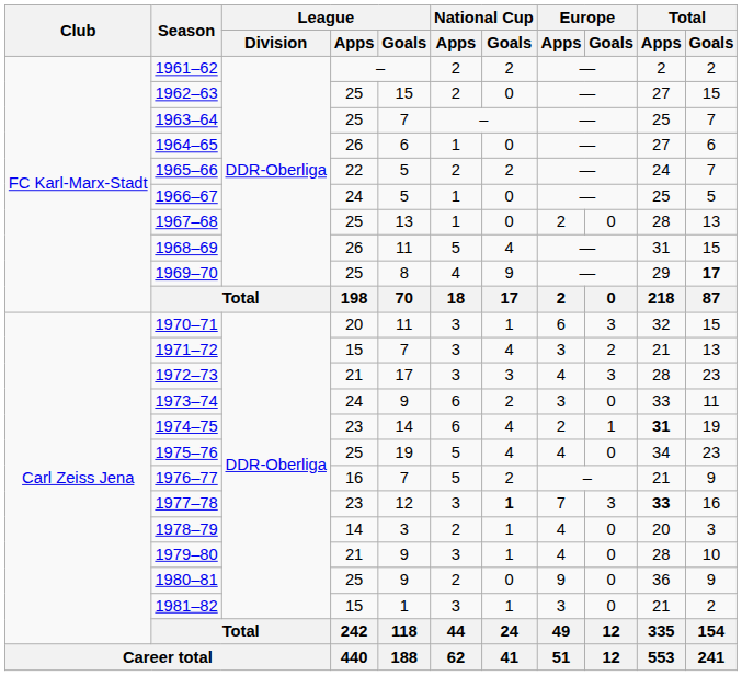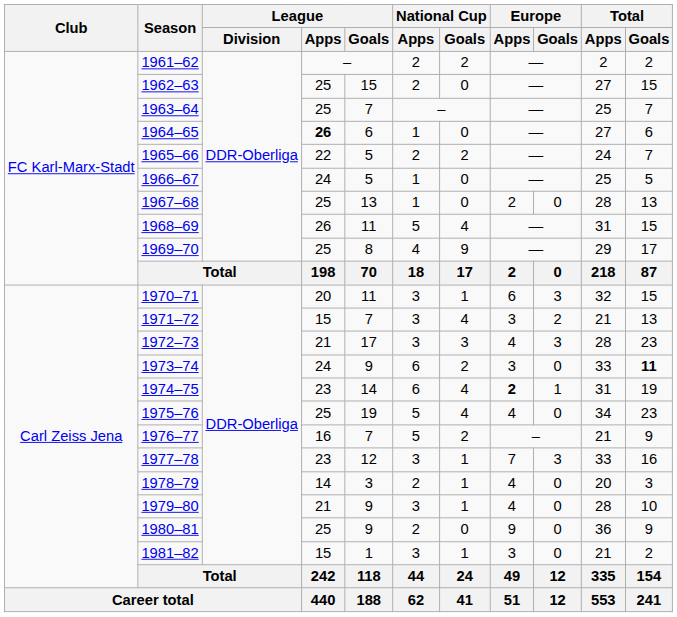 <table class=wikitable style=text-align:center>
 <tr>
 <th rowspan=2>Club</th>
 <th rowspan=2>Season</th>
 <th colspan=3>League</th>
 <th colspan=2>National Cup</th>
 <th colspan=2>Europe</th>
 <th colspan=2>Total</th>
 </tr>
 <tr>
 <th>Division</th>
 <th>Apps</th>
 <th>Goals</th>
 <th>Apps</th>
 <th>Goals</th>
 <th>Apps</th>
 <th>Goals</th>
 <th>Apps</th>
 <th>Goals</th>
 </tr>
 <tr>
 <td rowspan=10><a href='#'>FC Karl-Marx-Stadt</a></td>
 <td><a href='#'>1961–62</a></td>
 <td rowspan=9><a href='#'>DDR-Oberliga</a></td>
 <td colspan="2">–</td>
 <td>2</td>
 <td>2</td>
 <td colspan=2>—</td>
 <td>2</td>
 <td>2</td>
 </tr>
 <tr>
 <td><a href='#'>1962–63</a></td>
 <td>25</td>
 <td>15</td>
 <td>2</td>
 <td>0</td>
 <td colspan=2>—</td>
 <td>27</td>
 <td>15</td>
 </tr>
 <tr>
 <td><a href='#'>1963–64</a></td>
 <td>25</td>
 <td>7</td>
 <td colspan="2">–</td>
 <td colspan=2>—</td>
 <td>25</td>
 <td>7</td>
 </tr>
 <tr>
 <td><a href='#'>1964–65</a></td>
-<td>26</td>
+<td><strong>26</strong></td>
 <td>6</td>
 <td>1</td>
 <td>0</td>
 <td colspan=2>—</td>
 <td>27</td>
 <td>6</td>
 </tr>
 <tr>
 <td><a href='#'>1965–66</a></td>
 <td>22</td>
 <td>5</td>
 <td>2</td>
 <td>2</td>
 <td colspan=2>—</td>
 <td>24</td>
 <td>7</td>
 </tr>
 <tr>
 <td><a href='#'>1966–67</a></td>
 <td>24</td>
 <td>5</td>
 <td>1</td>
 <td>0</td>
 <td colspan=2>—</td>
 <td>25</td>
 <td>5</td>
 </tr>
 <tr>
 <td><a href='#'>1967–68</a></td>
 <td>25</td>
 <td>13</td>
 <td>1</td>
 <td>0</td>
 <td>2</td>
 <td>0</td>
 <td>28</td>
 <td>13</td>
 </tr>
 <tr>
 <td><a href='#'>1968–69</a></td>
 <td>26</td>
 <td>11</td>
 <td>5</td>
 <td>4</td>
 <td colspan=2>—</td>
 <td>31</td>
 <td>15</td>
 </tr>
 <tr>
 <td><a href='#'>1969–70</a></td>
 <td>25</td>
 <td>8</td>
 <td>4</td>
 <td>9</td>
 <td colspan=2>—</td>
 <td>29</td>
-<td><strong>17</strong></td>
+<td>17</td>
 </tr>
 <tr>
 <th colspan=2>Total</th>
 <th>198</th>
 <th>70</th>
 <th>18</th>
 <th>17</th>
 <th>2</th>
 <th>0</th>
 <th>218</th>
 <th>87</th>
 </tr>
 <tr>
 <td rowspan=13><a href='#'>Carl Zeiss Jena</a></td>
 <td><a href='#'>1970–71</a></td>
 <td rowspan=12><a href='#'>DDR-Oberliga</a></td>
 <td>20</td>
 <td>11</td>
 <td>3</td>
 <td>1</td>
 <td>6</td>
 <td>3</td>
 <td>32</td>
 <td>15</td>
 </tr>
 <tr>
 <td><a href='#'>1971–72</a></td>
 <td>15</td>
 <td>7</td>
 <td>3</td>
 <td>4</td>
 <td>3</td>
 <td>2</td>
 <td>21</td>
 <td>13</td>
 </tr>
 <tr>
 <td><a href='#'>1972–73</a></td>
 <td>21</td>
 <td>17</td>
 <td>3</td>
 <td>3</td>
 <td>4</td>
 <td>3</td>
 <td>28</td>
 <td>23</td>
 </tr>
 <tr>
 <td><a href='#'>1973–74</a></td>
 <td>24</td>
 <td>9</td>
 <td>6</td>
 <td>2</td>
 <td>3</td>
 <td>0</td>
 <td>33</td>
-<td>11</td>
+<td><strong>11</strong></td>
 </tr>
 <tr>
 <td><a href='#'>1974–75</a></td>
 <td>23</td>
 <td>14</td>
 <td>6</td>
 <td>4</td>
-<td>2</td>
+<td><strong>2</strong></td>
 <td>1</td>
-<td><strong>31</strong></td>
+<td>31</td>
 <td>19</td>
 </tr>
 <tr>
 <td><a href='#'>1975–76</a></td>
 <td>25</td>
 <td>19</td>
 <td>5</td>
 <td>4</td>
 <td>4</td>
 <td>0</td>
 <td>34</td>
 <td>23</td>
 </tr>
 <tr>
 <td><a href='#'>1976–77</a></td>
 <td>16</td>
 <td>7</td>
 <td>5</td>
 <td>2</td>
 <td colspan="2">–</td>
 <td>21</td>
 <td>9</td>
 </tr>
 <tr>
 <td><a href='#'>1977–78</a></td>
 <td>23</td>
 <td>12</td>
 <td>3</td>
-<td><strong>1</strong></td>
+<td>1</td>
 <td>7</td>
 <td>3</td>
-<td><strong>33</strong></td>
+<td>33</td>
 <td>16</td>
 </tr>
 <tr>
 <td><a href='#'>1978–79</a></td>
 <td>14</td>
 <td>3</td>
 <td>2</td>
 <td>1</td>
 <td>4</td>
 <td>0</td>
 <td>20</td>
 <td>3</td>
 </tr>
 <tr>
 <td><a href='#'>1979–80</a></td>
 <td>21</td>
 <td>9</td>
 <td>3</td>
 <td>1</td>
 <td>4</td>
 <td>0</td>
 <td>28</td>
 <td>10</td>
 </tr>
 <tr>
 <td><a href='#'>1980–81</a></td>
 <td>25</td>
 <td>9</td>
 <td>2</td>
 <td>0</td>
 <td>9</td>
 <td>0</td>
 <td>36</td>
 <td>9</td>
 </tr>
 <tr>
 <td><a href='#'>1981–82</a></td>
 <td>15</td>
 <td>1</td>
 <td>3</td>
 <td>1</td>
 <td>3</td>
 <td>0</td>
 <td>21</td>
 <td>2</td>
 </tr>
 <tr>
 <th colspan=2>Total</th>
 <th>242</th>
 <th>118</th>
 <th>44</th>
 <th>24</th>
 <th>49</th>
 <th>12</th>
 <th>335</th>
 <th>154</th>
 </tr>
 <tr>
 <th colspan=3>Career total</th>
 <th>440</th>
 <th>188</th>
 <th>62</th>
 <th>41</th>
 <th>51</th>
 <th>12</th>
 <th>553</th>
 <th>241</th>
 </tr>
 </table>
